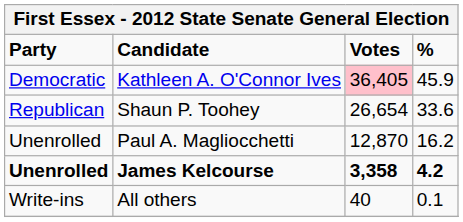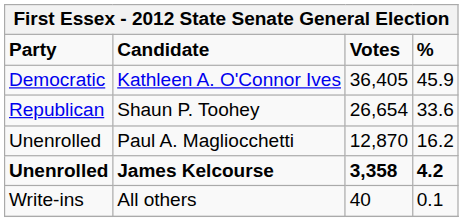 <table class="wikitable">
 <tr>
 <th colspan="4">First Essex - 2012 State Senate General Election</th>
 </tr>
 <tr>
 <td><strong>Party</strong></td>
 <td><strong>Candidate</strong></td>
 <td><strong>Votes</strong></td>
 <td><strong>%</strong></td>
 </tr>
 <tr>
 <td><a href='#'>Democratic</a></td>
 <td><a href='#'>Kathleen A. O'Connor Ives</a></td>
-<td style="background: pink;">36,405</td>
+<td>36,405</td>
 <td>45.9</td>
 </tr>
 <tr>
 <td><a href='#'>Republican</a></td>
 <td>Shaun P. Toohey</td>
 <td>26,654</td>
 <td>33.6</td>
 </tr>
 <tr>
 <td>Unenrolled</td>
 <td>Paul A. Magliocchetti</td>
 <td>12,870</td>
 <td>16.2</td>
 </tr>
 <tr>
 <td><strong>Unenrolled</strong></td>
 <td><strong>James Kelcourse</strong></td>
 <td><strong>3,358</strong></td>
 <td><strong>4.2</strong></td>
 </tr>
 <tr>
 <td>Write-ins</td>
 <td>All others</td>
 <td>40</td>
 <td>0.1</td>
 </tr>
 <tr>
 </tr>
 </table>
